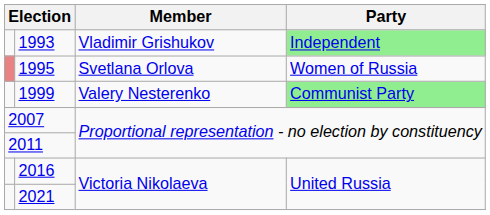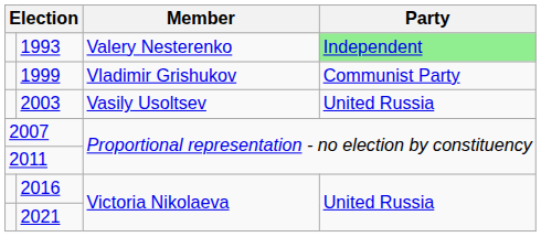 <table class="wikitable">
 <tr>
 <th colspan="2">Election</th>
 <th>Member</th>
 <th>Party</th>
 </tr>
 <tr>
 <td style="background-color:"></td>
 <td><a href='#'>1993</a></td>
-<td><a href='#'>Vladimir Grishukov</a></td>
+<td><a href='#'>Valery Nesterenko</a></td>
 <td style="background: lightgreen;"><a href='#'>Independent</a></td>
-</tr>
-<tr>
-<td style="background-color:#E98282"></td>
-<td><a href='#'>1995</a></td>
-<td><a href='#'>Svetlana Orlova</a></td>
-<td><a href='#'>Women of Russia</a></td>
 </tr>
 <tr>
 <td style="background-color:"></td>
 <td><a href='#'>1999</a></td>
-<td><a href='#'>Valery Nesterenko</a></td>
-<td style="background: lightgreen;"><a href='#'>Communist Party</a></td>
+<td><a href='#'>Vladimir Grishukov</a></td>
+<td><a href='#'>Communist Party</a></td>
+</tr>
+<tr>
+<td style="background-color:"></td>
+<td><a href='#'>2003</a></td>
+<td><a href='#'>Vasily Usoltsev</a></td>
+<td><a href='#'>United Russia</a></td>
 </tr>
 <tr>
 <td colspan=2><a href='#'>2007</a></td>
 <td colspan=2 rowspan=2><em><a href='#'>Proportional representation</a> - no election by constituency</em></td>
 </tr>
 <tr>
 <td colspan=2><a href='#'>2011</a></td>
 </tr>
 <tr>
 <td style="background-color: "></td>
 <td><a href='#'>2016</a></td>
 <td rowspan=2><a href='#'>Victoria Nikolaeva</a></td>
 <td rowspan=2><a href='#'>United Russia</a></td>
 </tr>
 <tr>
 <td style="background-color: "></td>
 <td><a href='#'>2021</a></td>
 </tr>
 </table>
